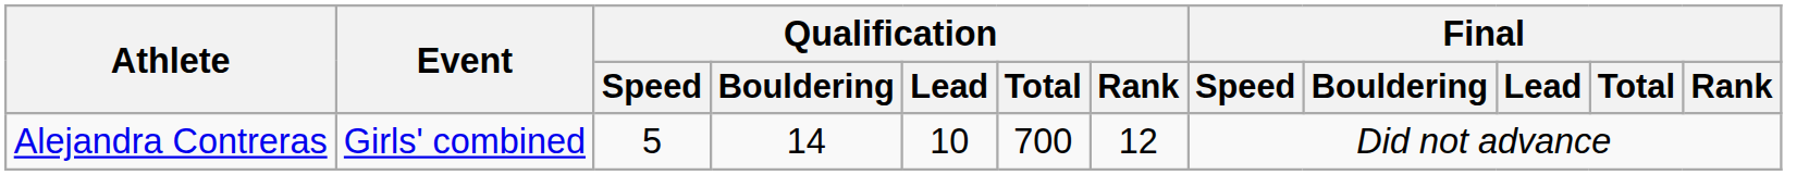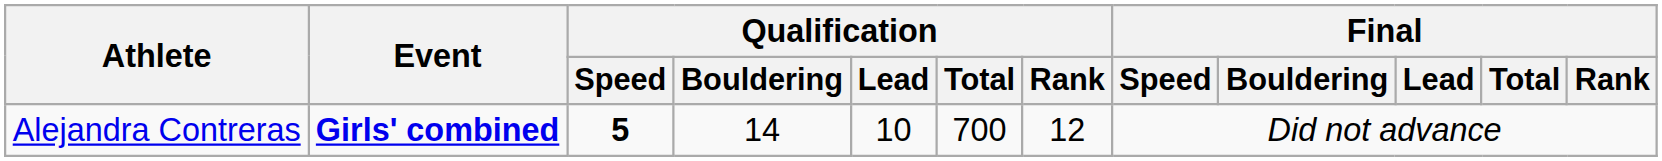 <table class="wikitable" style="text-align:center;font-size:90%">
 <tr>
 <th rowspan=2>Athlete</th>
 <th rowspan=2>Event</th>
 <th colspan=5>Qualification</th>
 <th colspan=5>Final</th>
 </tr>
 <tr style="font-size:95%">
 <th>Speed</th>
 <th>Bouldering</th>
 <th>Lead</th>
 <th>Total</th>
 <th>Rank</th>
 <th>Speed</th>
 <th>Bouldering</th>
 <th>Lead</th>
 <th>Total</th>
 <th>Rank</th>
 </tr>
 <tr>
 <td align=left><a href='#'>Alejandra Contreras</a></td>
-<td align=left><a href='#'>Girls' combined</a></td>
-<td>5</td>
+<td align=left><strong><a href='#'>Girls' combined</a></strong></td>
+<td><strong>5</strong></td>
 <td>14</td>
 <td>10</td>
 <td>700</td>
 <td>12</td>
 <td colspan=5><em>Did not advance</em></td>
 </tr>
 </table>
